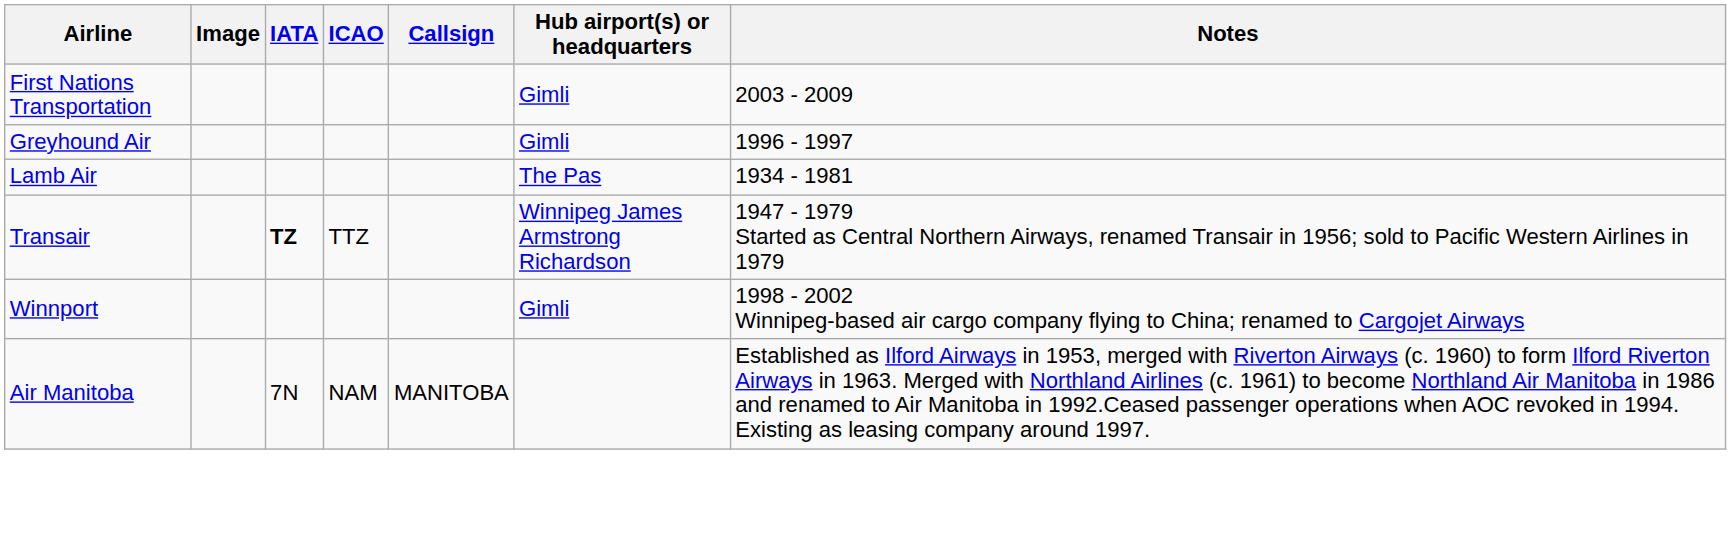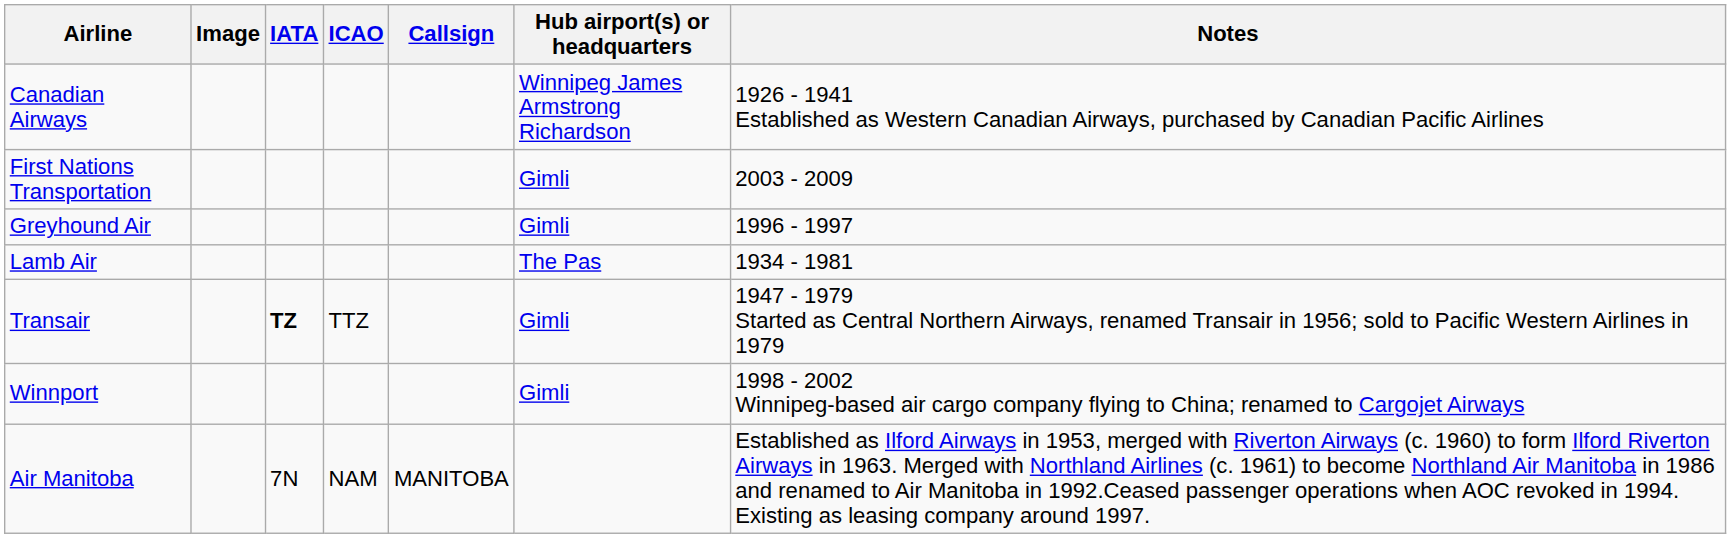 <table class="wikitable sortable" style="border: 0; cellpadding: 2; cellspacing: 3;"|- style="vertical-align:middle;">
 <tr>
 <th>Airline</th>
 <th>Image</th>
 <th><a href='#'>IATA</a></th>
 <th><a href='#'>ICAO</a></th>
 <th><a href='#'>Callsign</a></th>
 <th>Hub airport(s) or<br>headquarters</th>
 <th class="unsortable">Notes</th>
+</tr>
+<tr>
+<td><a href='#'>Canadian Airways</a></td>
+<td></td>
+<td></td>
+<td></td>
+<td></td>
+<td><a href='#'>Winnipeg James Armstrong Richardson</a></td>
+<td>1926 - 1941<br>Established as Western Canadian Airways, purchased by Canadian Pacific Airlines</td>
 </tr>
 <tr>
 <td><a href='#'>First Nations Transportation</a></td>
 <td></td>
 <td></td>
 <td></td>
 <td></td>
 <td><a href='#'>Gimli</a></td>
 <td>2003 - 2009</td>
 </tr>
 <tr>
 <td><a href='#'>Greyhound Air</a></td>
 <td></td>
 <td></td>
 <td></td>
 <td></td>
 <td><a href='#'>Gimli</a></td>
 <td>1996 - 1997</td>
 </tr>
 <tr>
 <td><a href='#'>Lamb Air</a></td>
 <td></td>
 <td></td>
 <td></td>
 <td></td>
 <td><a href='#'>The Pas</a></td>
 <td>1934 - 1981</td>
 </tr>
 <tr>
 <td><a href='#'>Transair</a></td>
 <td></td>
 <td><strong>TZ</strong></td>
 <td>TTZ</td>
 <td></td>
-<td><a href='#'>Winnipeg James Armstrong Richardson</a></td>
+<td><a href='#'>Gimli</a></td>
 <td>1947 - 1979<br>Started as Central Northern Airways, renamed Transair in 1956; sold to Pacific Western Airlines in 1979</td>
 </tr>
 <tr>
 <td><a href='#'>Winnport</a></td>
 <td></td>
 <td></td>
 <td></td>
 <td></td>
 <td><a href='#'>Gimli</a></td>
 <td>1998 - 2002<br>Winnipeg-based air cargo company flying to China; renamed to <a href='#'>Cargojet Airways</a></td>
 </tr>
 <tr>
 <td><a href='#'>Air Manitoba</a></td>
 <td></td>
 <td>7N</td>
 <td>NAM</td>
 <td>MANITOBA</td>
 <td></td>
 <td>Established as <a href='#'>Ilford Airways</a> in 1953, merged with <a href='#'>Riverton Airways</a> (c. 1960) to form <a href='#'>Ilford Riverton Airways</a> in 1963. Merged with <a href='#'>Northland Airlines</a> (c. 1961) to become <a href='#'>Northland Air Manitoba</a> in 1986 and renamed to Air Manitoba in 1992.Ceased passenger operations when AOC revoked in 1994. Existing as leasing company around 1997.</td>
 </tr>
 </table>
